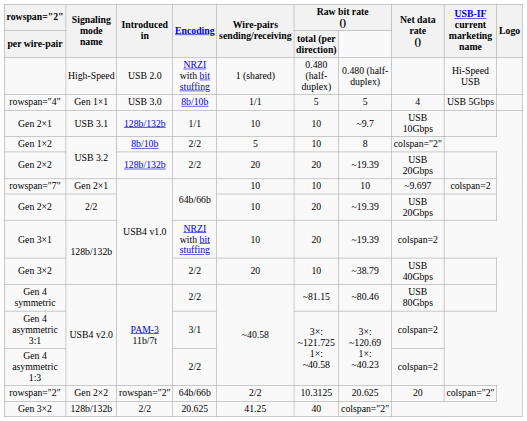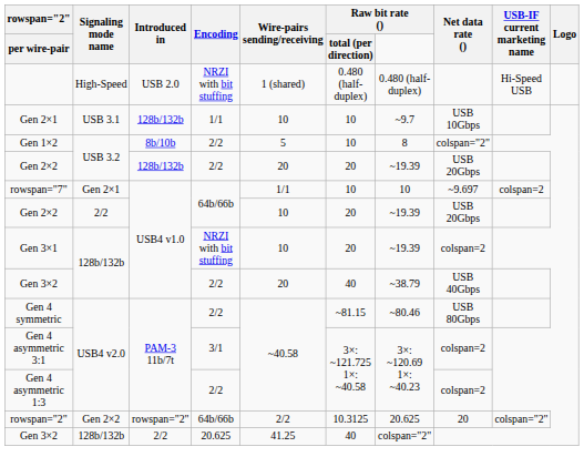 <table class="wikitable sortable mw-datatable" style="text-align:center;">
 <tr>
 <th>rowspan="2" </th>
 <th rowspan="2">Signaling mode name</th>
 <th rowspan="2">Introduced in</th>
 <th rowspan="2"><a href='#'>Encoding</a></th>
 <th rowspan="2">Wire-pairs sending/receiving</th>
 <th colspan="2">Raw bit rate<br>()</th>
 <th rowspan="2">Net data rate<br>()</th>
 <th rowspan="2"><a href='#'>USB-IF</a><br>current marketing name</th>
 <th rowspan="2">Logo</th>
 </tr>
 <tr>
 <th>per wire-pair</th>
 <th>total (per direction)</th>
 </tr>
 <tr>
 <td></td>
 <td style="white-space: nowrap;">High-Speed</td>
 <td>USB 2.0</td>
 <td><a href='#'>NRZI</a> with <a href='#'>bit stuffing</a></td>
 <td>1 (shared)</td>
 <td>0.480 (half-duplex)</td>
 <td>0.480 (half-duplex)</td>
 <td></td>
 <td>Hi-Speed USB</td>
-<td></td>
-</tr>
-<tr>
-<td>rowspan="4" </td>
-<td style="white-space: nowrap;">Gen 1×1</td>
-<td>USB 3.0</td>
-<td><a href='#'>8b/10b</a></td>
-<td>1/1</td>
-<td>5</td>
-<td>5</td>
-<td>4</td>
-<td>USB 5Gbps</td>
 <td></td>
 </tr>
 <tr>
 <td style="white-space: nowrap;">Gen 2×1</td>
 <td>USB 3.1</td>
 <td><a href='#'>128b/132b</a></td>
 <td>1/1</td>
 <td>10</td>
 <td>10</td>
 <td>~9.7</td>
 <td>USB 10Gbps</td>
 <td></td>
 </tr>
 <tr>
 <td style="white-space: nowrap;">Gen 1×2</td>
 <td rowspan="2">USB 3.2</td>
 <td><a href='#'>8b/10b</a></td>
 <td>2/2</td>
 <td>5</td>
 <td>10</td>
 <td>8</td>
 <td>colspan="2" </td>
 </tr>
 <tr>
 <td style="white-space: nowrap;">Gen 2×2</td>
 <td><a href='#'>128b/132b</a></td>
 <td>2/2</td>
 <td>20</td>
 <td>20</td>
 <td>~19.39</td>
 <td>USB 20Gbps</td>
 <td></td>
 </tr>
 <tr>
 <td>rowspan="7" </td>
 <td style="white-space: nowrap;">Gen 2×1</td>
 <td rowspan="4">USB4 v1.0</td>
 <td rowspan="2">64b/66b</td>
-<td>10</td>
+<td>1/1</td>
 <td>10</td>
 <td>10</td>
 <td>~9.697</td>
 <td>colspan=2 </td>
 </tr>
 <tr>
 <td style="white-space: nowrap;">Gen 2×2</td>
 <td>2/2</td>
 <td>10</td>
 <td>20</td>
 <td>~19.39</td>
 <td>USB 20Gbps</td>
 <td></td>
 </tr>
 <tr>
 <td style="white-space: nowrap;">Gen 3×1</td>
 <td rowspan="2">128b/132b</td>
 <td><a href='#'>NRZI</a> with <a href='#'>bit stuffing</a></td>
 <td>10</td>
 <td>20</td>
 <td>~19.39</td>
 <td>colspan=2 </td>
 </tr>
 <tr>
 <td style="white-space: nowrap;">Gen 3×2</td>
 <td>2/2</td>
 <td>20</td>
-<td>10</td>
+<td>40</td>
 <td>~38.79</td>
 <td>USB 40Gbps</td>
 <td></td>
 </tr>
 <tr>
 <td>Gen 4 symmetric</td>
 <td rowspan="3">USB4 v2.0</td>
 <td rowspan="3"><a href='#'>PAM-3</a><br>11b/7t</td>
 <td>2/2</td>
 <td rowspan="3">~40.58</td>
 <td>~81.15</td>
 <td>~80.46</td>
 <td>USB 80Gbps</td>
 <td></td>
 </tr>
 <tr>
 <td>Gen 4 asymmetric 3:1</td>
 <td>3/1</td>
 <td rowspan="2">3×:<br>~121.725<br>1×:<br>~40.58</td>
 <td rowspan="2">3×:<br>~120.69<br>1×:<br>~40.23<br></td>
 <td>colspan=2 </td>
 </tr>
 <tr>
 <td>Gen 4 asymmetric 1:3</td>
 <td>2/2</td>
 <td>colspan=2 </td>
 </tr>
 <tr>
 <td>rowspan="2" </td>
 <td style="white-space: nowrap;"> Gen 2×2</td>
 <td>rowspan="2" </td>
 <td>64b/66b</td>
 <td>2/2</td>
 <td>10.3125</td>
 <td>20.625</td>
 <td>20</td>
 <td>colspan="2" </td>
 </tr>
 <tr>
 <td style="white-space: nowrap;"> Gen 3×2</td>
 <td>128b/132b</td>
 <td>2/2</td>
 <td>20.625</td>
 <td>41.25</td>
 <td>40</td>
 <td>colspan="2" </td>
 </tr>
 </table>
